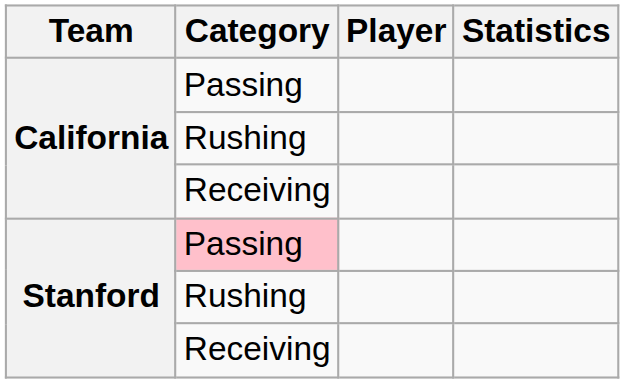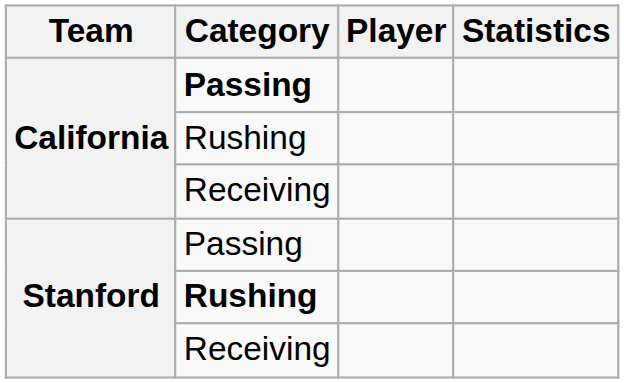 <table class="wikitable" style="float:right">
 <tr>
 <th>Team</th>
 <th>Category</th>
 <th>Player</th>
 <th>Statistics</th>
 </tr>
 <tr>
 <th rowspan=3>California</th>
-<td>Passing</td>
+<td><strong>Passing</strong></td>
 <td></td>
 <td></td>
 </tr>
 <tr>
 <td>Rushing</td>
 <td></td>
 <td></td>
 </tr>
 <tr>
 <td>Receiving</td>
 <td></td>
 <td></td>
 </tr>
 <tr>
 <th rowspan=3>Stanford</th>
-<td style="background: pink;">Passing</td>
+<td>Passing</td>
 <td></td>
 <td></td>
 </tr>
 <tr>
-<td>Rushing</td>
+<td><strong>Rushing</strong></td>
 <td></td>
 <td></td>
 </tr>
 <tr>
 <td>Receiving</td>
 <td></td>
 <td></td>
 </tr>
 </table>
